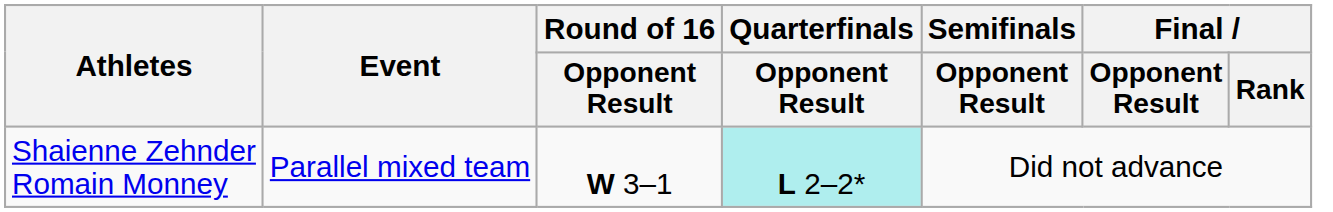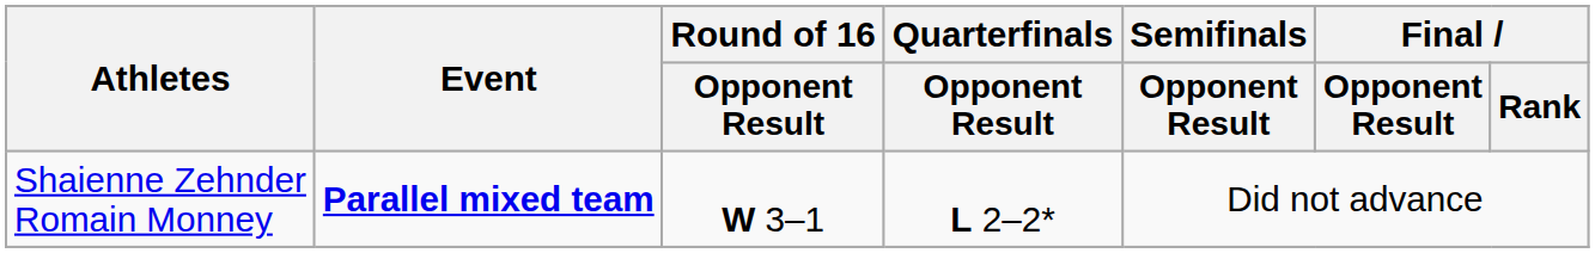 <table class="wikitable" style="font-size:90%">
 <tr>
 <th rowspan="2">Athletes</th>
 <th rowspan="2">Event</th>
 <th>Round of 16</th>
 <th>Quarterfinals</th>
 <th>Semifinals</th>
 <th colspan=2>Final / </th>
 </tr>
 <tr style="font-size:95%">
 <th>Opponent<br>Result</th>
 <th>Opponent<br>Result</th>
 <th>Opponent<br>Result</th>
 <th>Opponent<br>Result</th>
 <th>Rank</th>
 </tr>
 <tr align=center>
 <td align=left><a href='#'>Shaienne Zehnder</a><br><a href='#'>Romain Monney</a></td>
-<td align=left><a href='#'>Parallel mixed team</a></td>
+<td align=left><strong><a href='#'>Parallel mixed team</a></strong></td>
 <td><br><strong>W</strong> 3–1</td>
-<td style="background: paleturquoise;"><br><strong>L</strong> 2–2*</td>
+<td><br><strong>L</strong> 2–2*</td>
 <td colspan=3>Did not advance</td>
 </tr>
 </table>
